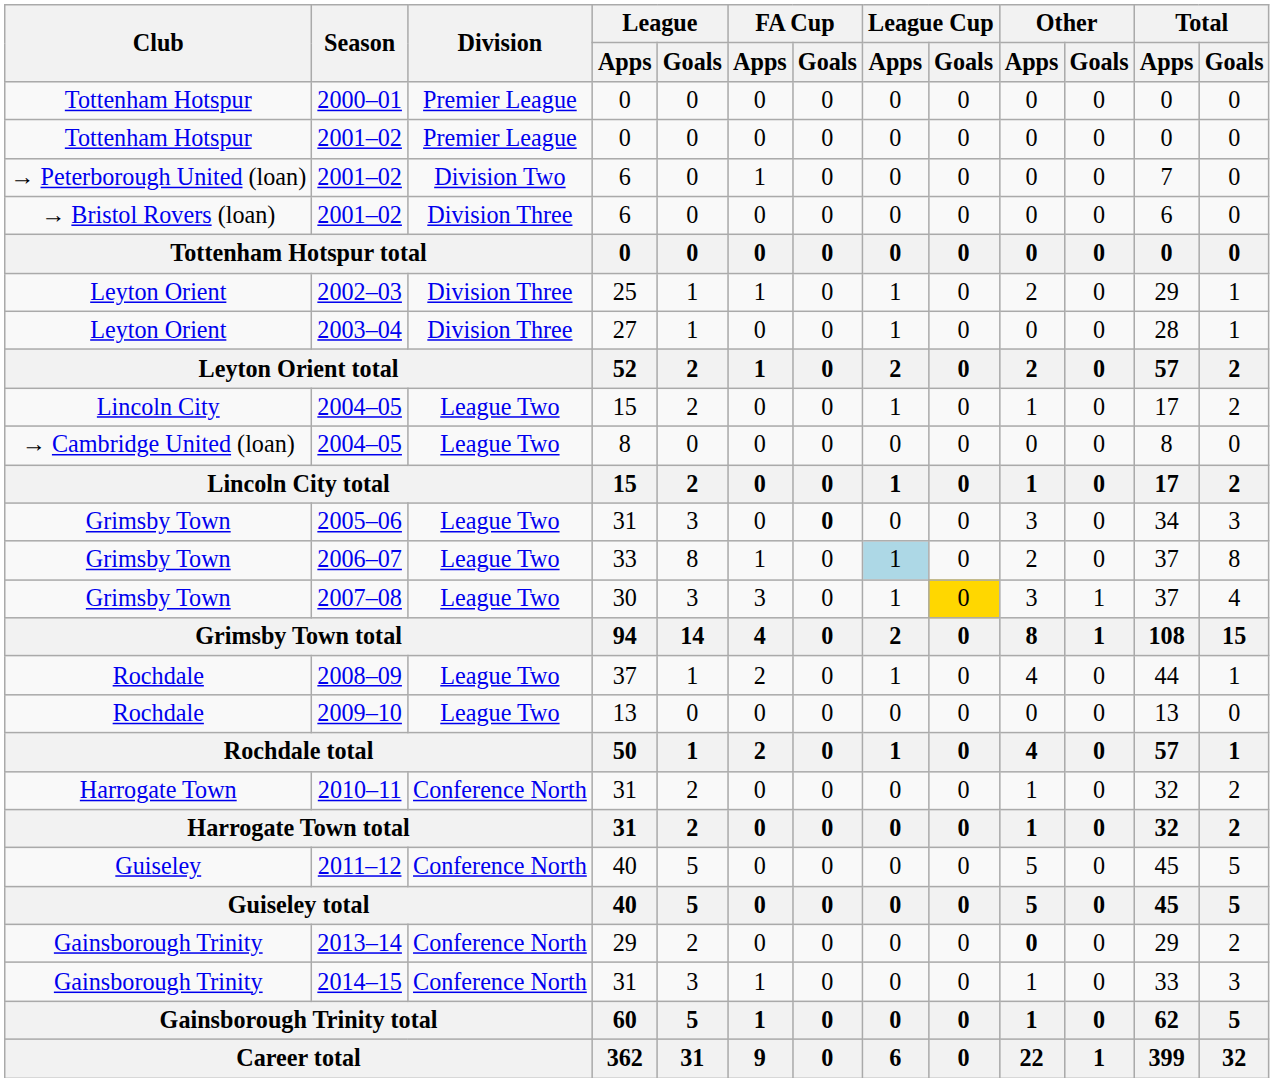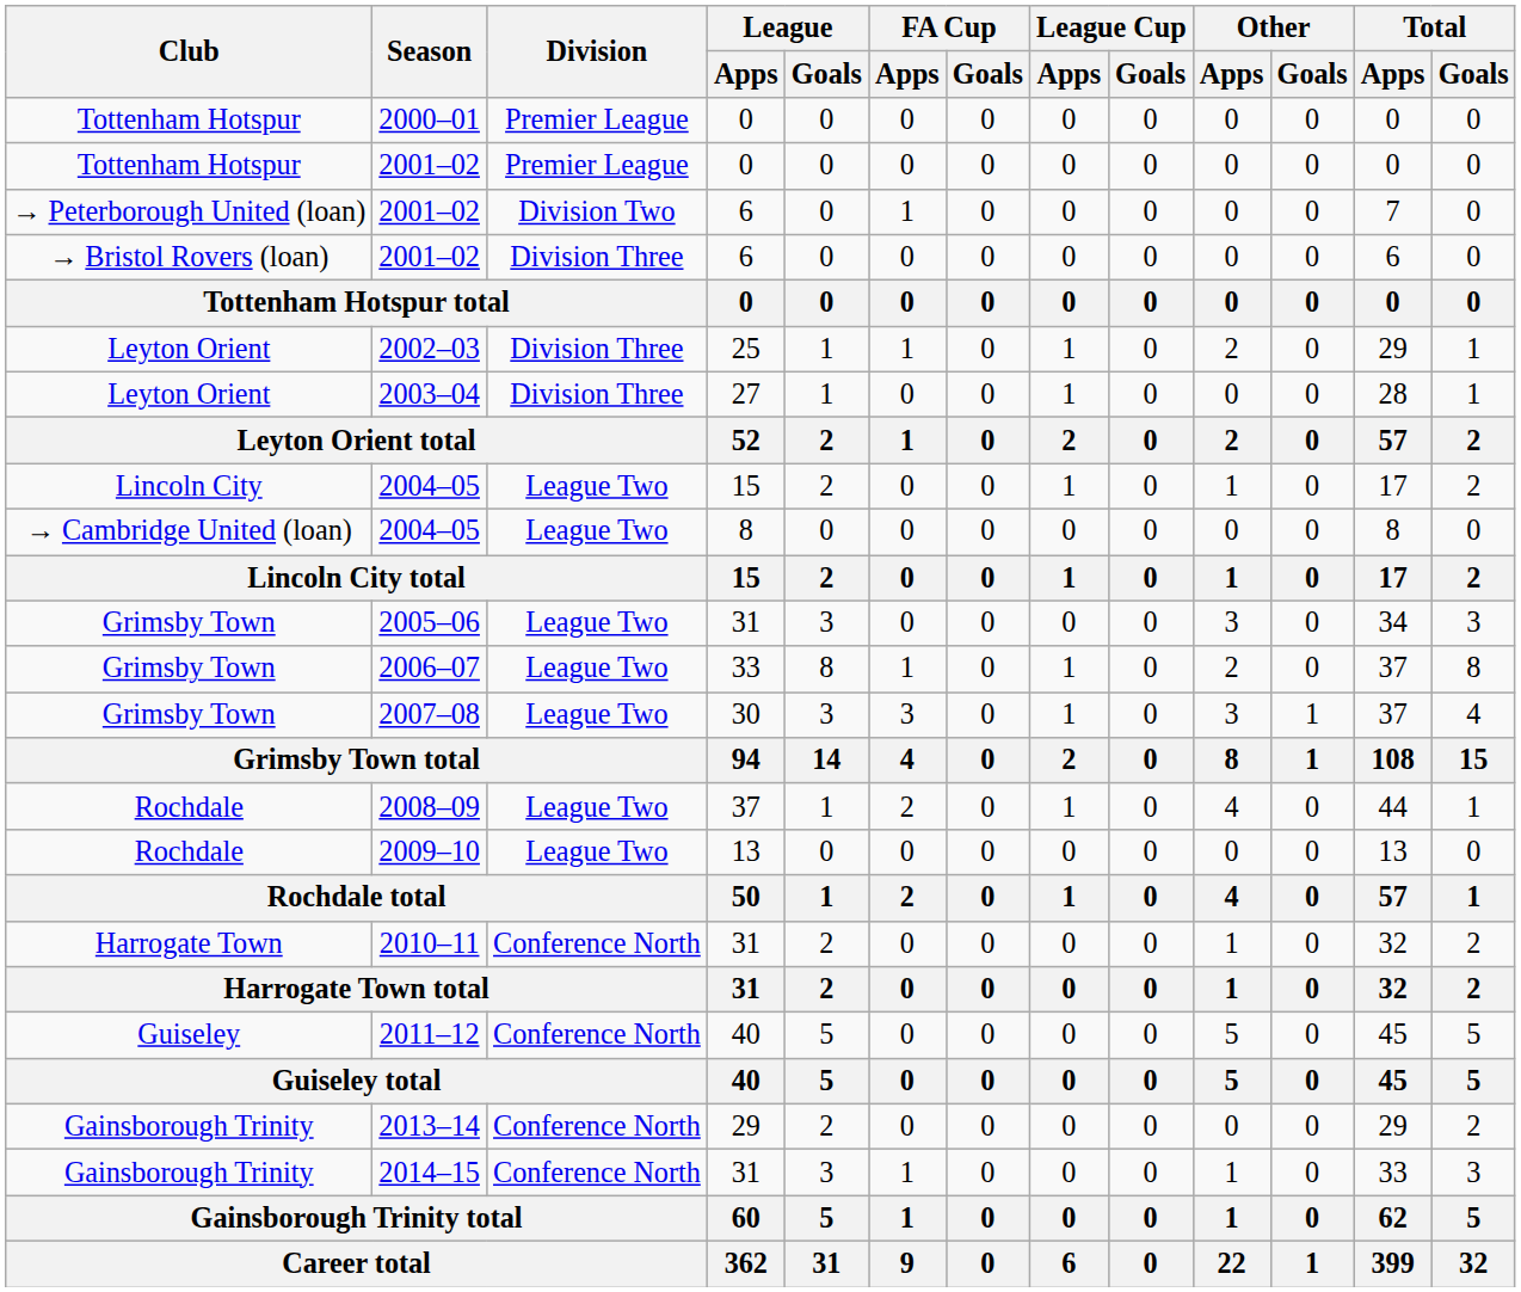 <table class="wikitable" style="text-align:center;">
 <tr>
 <th rowspan="2">Club</th>
 <th rowspan="2">Season</th>
 <th rowspan="2">Division</th>
 <th colspan="2">League</th>
 <th colspan="2">FA Cup</th>
 <th colspan="2">League Cup</th>
 <th colspan="2">Other</th>
 <th colspan="2">Total</th>
 </tr>
 <tr>
 <th>Apps</th>
 <th>Goals</th>
 <th>Apps</th>
 <th>Goals</th>
 <th>Apps</th>
 <th>Goals</th>
 <th>Apps</th>
 <th>Goals</th>
 <th>Apps</th>
 <th>Goals</th>
 </tr>
 <tr>
 <td><a href='#'>Tottenham Hotspur</a></td>
 <td><a href='#'>2000–01</a></td>
 <td><a href='#'>Premier League</a></td>
 <td>0</td>
 <td>0</td>
 <td>0</td>
 <td>0</td>
 <td>0</td>
 <td>0</td>
 <td>0</td>
 <td>0</td>
 <td>0</td>
 <td>0</td>
 </tr>
 <tr>
 <td><a href='#'>Tottenham Hotspur</a></td>
 <td><a href='#'>2001–02</a></td>
 <td><a href='#'>Premier League</a></td>
 <td>0</td>
 <td>0</td>
 <td>0</td>
 <td>0</td>
 <td>0</td>
 <td>0</td>
 <td>0</td>
 <td>0</td>
 <td>0</td>
 <td>0</td>
 </tr>
 <tr>
 <td>→ <a href='#'>Peterborough United</a> (loan)</td>
 <td><a href='#'>2001–02</a></td>
 <td><a href='#'>Division Two</a></td>
 <td>6</td>
 <td>0</td>
 <td>1</td>
 <td>0</td>
 <td>0</td>
 <td>0</td>
 <td>0</td>
 <td>0</td>
 <td>7</td>
 <td>0</td>
 </tr>
 <tr>
 <td>→ <a href='#'>Bristol Rovers</a> (loan)</td>
 <td><a href='#'>2001–02</a></td>
 <td><a href='#'>Division Three</a></td>
 <td>6</td>
 <td>0</td>
 <td>0</td>
 <td>0</td>
 <td>0</td>
 <td>0</td>
 <td>0</td>
 <td>0</td>
 <td>6</td>
 <td>0</td>
 </tr>
 <tr>
 <th colspan="3">Tottenham Hotspur total</th>
 <th>0</th>
 <th>0</th>
 <th>0</th>
 <th>0</th>
 <th>0</th>
 <th>0</th>
 <th>0</th>
 <th>0</th>
 <th>0</th>
 <th>0</th>
 </tr>
 <tr>
 <td><a href='#'>Leyton Orient</a></td>
 <td><a href='#'>2002–03</a></td>
 <td><a href='#'>Division Three</a></td>
 <td>25</td>
 <td>1</td>
 <td>1</td>
 <td>0</td>
 <td>1</td>
 <td>0</td>
 <td>2</td>
 <td>0</td>
 <td>29</td>
 <td>1</td>
 </tr>
 <tr>
 <td><a href='#'>Leyton Orient</a></td>
 <td><a href='#'>2003–04</a></td>
 <td><a href='#'>Division Three</a></td>
 <td>27</td>
 <td>1</td>
 <td>0</td>
 <td>0</td>
 <td>1</td>
 <td>0</td>
 <td>0</td>
 <td>0</td>
 <td>28</td>
 <td>1</td>
 </tr>
 <tr>
 <th colspan="3">Leyton Orient total</th>
 <th>52</th>
 <th>2</th>
 <th>1</th>
 <th>0</th>
 <th>2</th>
 <th>0</th>
 <th>2</th>
 <th>0</th>
 <th>57</th>
 <th>2</th>
 </tr>
 <tr>
 <td><a href='#'>Lincoln City</a></td>
 <td><a href='#'>2004–05</a></td>
 <td><a href='#'>League Two</a></td>
 <td>15</td>
 <td>2</td>
 <td>0</td>
 <td>0</td>
 <td>1</td>
 <td>0</td>
 <td>1</td>
 <td>0</td>
 <td>17</td>
 <td>2</td>
 </tr>
 <tr>
 <td>→ <a href='#'>Cambridge United</a> (loan)</td>
 <td><a href='#'>2004–05</a></td>
 <td><a href='#'>League Two</a></td>
 <td>8</td>
 <td>0</td>
 <td>0</td>
 <td>0</td>
 <td>0</td>
 <td>0</td>
 <td>0</td>
 <td>0</td>
 <td>8</td>
 <td>0</td>
 </tr>
 <tr>
 <th colspan="3">Lincoln City total</th>
 <th>15</th>
 <th>2</th>
 <th>0</th>
 <th>0</th>
 <th>1</th>
 <th>0</th>
 <th>1</th>
 <th>0</th>
 <th>17</th>
 <th>2</th>
 </tr>
 <tr>
 <td><a href='#'>Grimsby Town</a></td>
 <td><a href='#'>2005–06</a></td>
 <td><a href='#'>League Two</a></td>
 <td>31</td>
 <td>3</td>
 <td>0</td>
-<td><strong>0</strong></td>
+<td>0</td>
 <td>0</td>
 <td>0</td>
 <td>3</td>
 <td>0</td>
 <td>34</td>
 <td>3</td>
 </tr>
 <tr>
 <td><a href='#'>Grimsby Town</a></td>
 <td><a href='#'>2006–07</a></td>
 <td><a href='#'>League Two</a></td>
 <td>33</td>
 <td>8</td>
 <td>1</td>
 <td>0</td>
-<td style="background: lightblue;">1</td>
+<td>1</td>
 <td>0</td>
 <td>2</td>
 <td>0</td>
 <td>37</td>
 <td>8</td>
 </tr>
 <tr>
 <td><a href='#'>Grimsby Town</a></td>
 <td><a href='#'>2007–08</a></td>
 <td><a href='#'>League Two</a></td>
 <td>30</td>
 <td>3</td>
 <td>3</td>
 <td>0</td>
 <td>1</td>
-<td style="background: gold;">0</td>
+<td>0</td>
 <td>3</td>
 <td>1</td>
 <td>37</td>
 <td>4</td>
 </tr>
 <tr>
 <th colspan="3">Grimsby Town total</th>
 <th>94</th>
 <th>14</th>
 <th>4</th>
 <th>0</th>
 <th>2</th>
 <th>0</th>
 <th>8</th>
 <th>1</th>
 <th>108</th>
 <th>15</th>
 </tr>
 <tr>
 <td><a href='#'>Rochdale</a></td>
 <td><a href='#'>2008–09</a></td>
 <td><a href='#'>League Two</a></td>
 <td>37</td>
 <td>1</td>
 <td>2</td>
 <td>0</td>
 <td>1</td>
 <td>0</td>
 <td>4</td>
 <td>0</td>
 <td>44</td>
 <td>1</td>
 </tr>
 <tr>
 <td><a href='#'>Rochdale</a></td>
 <td><a href='#'>2009–10</a></td>
 <td><a href='#'>League Two</a></td>
 <td>13</td>
 <td>0</td>
 <td>0</td>
 <td>0</td>
 <td>0</td>
 <td>0</td>
 <td>0</td>
 <td>0</td>
 <td>13</td>
 <td>0</td>
 </tr>
 <tr>
 <th colspan="3">Rochdale total</th>
 <th>50</th>
 <th>1</th>
 <th>2</th>
 <th>0</th>
 <th>1</th>
 <th>0</th>
 <th>4</th>
 <th>0</th>
 <th>57</th>
 <th>1</th>
 </tr>
 <tr>
 <td><a href='#'>Harrogate Town</a></td>
 <td><a href='#'>2010–11</a></td>
 <td><a href='#'>Conference North</a></td>
 <td>31</td>
 <td>2</td>
 <td>0</td>
 <td>0</td>
 <td>0</td>
 <td>0</td>
 <td>1</td>
 <td>0</td>
 <td>32</td>
 <td>2</td>
 </tr>
 <tr>
 <th colspan="3">Harrogate Town total</th>
 <th>31</th>
 <th>2</th>
 <th>0</th>
 <th>0</th>
 <th>0</th>
 <th>0</th>
 <th>1</th>
 <th>0</th>
 <th>32</th>
 <th>2</th>
 </tr>
 <tr>
 <td><a href='#'>Guiseley</a></td>
 <td><a href='#'>2011–12</a></td>
 <td><a href='#'>Conference North</a></td>
 <td>40</td>
 <td>5</td>
 <td>0</td>
 <td>0</td>
 <td>0</td>
 <td>0</td>
 <td>5</td>
 <td>0</td>
 <td>45</td>
 <td>5</td>
 </tr>
 <tr>
 <th colspan="3">Guiseley total</th>
 <th>40</th>
 <th>5</th>
 <th>0</th>
 <th>0</th>
 <th>0</th>
 <th>0</th>
 <th>5</th>
 <th>0</th>
 <th>45</th>
 <th>5</th>
 </tr>
 <tr>
 <td><a href='#'>Gainsborough Trinity</a></td>
 <td><a href='#'>2013–14</a></td>
 <td><a href='#'>Conference North</a></td>
 <td>29</td>
 <td>2</td>
 <td>0</td>
 <td>0</td>
 <td>0</td>
 <td>0</td>
-<td><strong>0</strong></td>
+<td>0</td>
 <td>0</td>
 <td>29</td>
 <td>2</td>
 </tr>
 <tr>
 <td><a href='#'>Gainsborough Trinity</a></td>
 <td><a href='#'>2014–15</a></td>
 <td><a href='#'>Conference North</a></td>
 <td>31</td>
 <td>3</td>
 <td>1</td>
 <td>0</td>
 <td>0</td>
 <td>0</td>
 <td>1</td>
 <td>0</td>
 <td>33</td>
 <td>3</td>
 </tr>
 <tr>
 <th colspan="3">Gainsborough Trinity total</th>
 <th>60</th>
 <th>5</th>
 <th>1</th>
 <th>0</th>
 <th>0</th>
 <th>0</th>
 <th>1</th>
 <th>0</th>
 <th>62</th>
 <th>5</th>
 </tr>
 <tr>
 <th colspan="3">Career total</th>
 <th>362</th>
 <th>31</th>
 <th>9</th>
 <th>0</th>
 <th>6</th>
 <th>0</th>
 <th>22</th>
 <th>1</th>
 <th>399</th>
 <th>32</th>
 </tr>
 </table>
